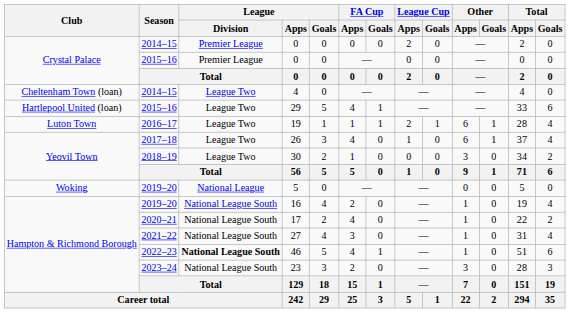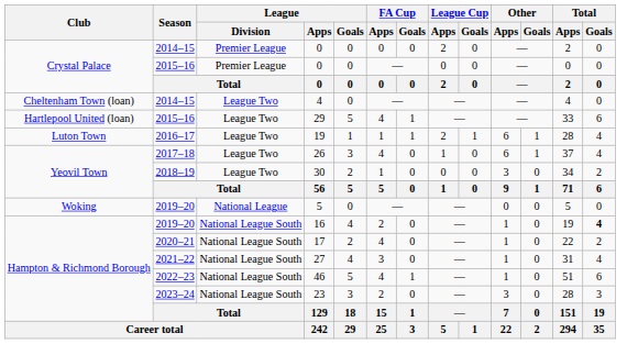 <table class=wikitable style=text-align:center>
 <tr>
 <th rowspan=2>Club</th>
 <th rowspan=2>Season</th>
 <th colspan=3>League</th>
 <th colspan=2><a href='#'>FA Cup</a></th>
 <th colspan=2><a href='#'>League Cup</a></th>
 <th colspan=2>Other</th>
 <th colspan=2>Total</th>
 </tr>
 <tr>
 <th>Division</th>
 <th>Apps</th>
 <th>Goals</th>
 <th>Apps</th>
 <th>Goals</th>
 <th>Apps</th>
 <th>Goals</th>
 <th>Apps</th>
 <th>Goals</th>
 <th>Apps</th>
 <th>Goals</th>
 </tr>
 <tr>
 <td rowspan=3><a href='#'>Crystal Palace</a></td>
 <td><a href='#'>2014–15</a></td>
 <td><a href='#'>Premier League</a></td>
 <td>0</td>
 <td>0</td>
 <td>0</td>
 <td>0</td>
 <td>2</td>
 <td>0</td>
 <td colspan=2>—</td>
 <td>2</td>
 <td>0</td>
 </tr>
 <tr>
 <td><a href='#'>2015–16</a></td>
 <td>Premier League</td>
 <td>0</td>
 <td>0</td>
 <td colspan=2>—</td>
 <td>0</td>
 <td>0</td>
 <td colspan=2>—</td>
 <td>0</td>
 <td>0</td>
 </tr>
 <tr>
 <th colspan=2>Total</th>
 <th>0</th>
 <th>0</th>
 <th>0</th>
 <th>0</th>
 <th>2</th>
 <th>0</th>
 <th colspan=2>—</th>
 <th>2</th>
 <th>0</th>
 </tr>
 <tr>
 <td><a href='#'>Cheltenham Town</a> (loan)</td>
 <td><a href='#'>2014–15</a></td>
 <td><a href='#'>League Two</a></td>
 <td>4</td>
 <td>0</td>
 <td colspan=2>—</td>
 <td colspan=2>—</td>
 <td colspan=2>—</td>
 <td>4</td>
 <td>0</td>
 </tr>
 <tr>
 <td><a href='#'>Hartlepool United</a> (loan)</td>
 <td><a href='#'>2015–16</a></td>
 <td>League Two</td>
 <td>29</td>
 <td>5</td>
 <td>4</td>
 <td>1</td>
 <td colspan=2>—</td>
 <td colspan=2>—</td>
 <td>33</td>
 <td>6</td>
 </tr>
 <tr>
 <td><a href='#'>Luton Town</a></td>
 <td><a href='#'>2016–17</a></td>
 <td>League Two</td>
 <td>19</td>
 <td>1</td>
 <td>1</td>
 <td>1</td>
 <td>2</td>
 <td>1</td>
 <td>6</td>
 <td>1</td>
 <td>28</td>
 <td>4</td>
 </tr>
 <tr>
 <td rowspan=3><a href='#'>Yeovil Town</a></td>
 <td><a href='#'>2017–18</a></td>
 <td>League Two</td>
 <td>26</td>
 <td>3</td>
 <td>4</td>
 <td>0</td>
 <td>1</td>
 <td>0</td>
 <td>6</td>
 <td>1</td>
 <td>37</td>
 <td>4</td>
 </tr>
 <tr>
 <td><a href='#'>2018–19</a></td>
 <td>League Two</td>
 <td>30</td>
 <td>2</td>
 <td>1</td>
 <td>0</td>
 <td>0</td>
 <td>0</td>
 <td>3</td>
 <td>0</td>
 <td>34</td>
 <td>2</td>
 </tr>
 <tr>
 <th colspan=2>Total</th>
 <th>56</th>
 <th>5</th>
 <th>5</th>
 <th>0</th>
 <th>1</th>
 <th>0</th>
 <th>9</th>
 <th>1</th>
 <th>71</th>
 <th>6</th>
 </tr>
 <tr>
 <td><a href='#'>Woking</a></td>
 <td><a href='#'>2019–20</a></td>
 <td><a href='#'>National League</a></td>
 <td>5</td>
 <td>0</td>
 <td colspan=2>—</td>
 <td colspan=2>—</td>
 <td>0</td>
 <td>0</td>
 <td>5</td>
 <td>0</td>
 </tr>
 <tr>
 <td rowspan=6><a href='#'>Hampton & Richmond Borough</a></td>
 <td><a href='#'>2019–20</a></td>
 <td><a href='#'>National League South</a></td>
 <td>16</td>
 <td>4</td>
 <td>2</td>
 <td>0</td>
 <td colspan=2>—</td>
 <td>1</td>
 <td>0</td>
 <td>19</td>
-<td>4</td>
+<td><strong>4</strong></td>
 </tr>
 <tr>
 <td><a href='#'>2020–21</a></td>
 <td>National League South</td>
 <td>17</td>
 <td>2</td>
 <td>4</td>
 <td>0</td>
 <td colspan=2>—</td>
 <td>1</td>
 <td>0</td>
 <td>22</td>
 <td>2</td>
 </tr>
 <tr>
 <td><a href='#'>2021–22</a></td>
 <td>National League South</td>
 <td>27</td>
 <td>4</td>
 <td>3</td>
 <td>0</td>
 <td colspan=2>—</td>
 <td>1</td>
 <td>0</td>
 <td>31</td>
 <td>4</td>
 </tr>
 <tr>
 <td><a href='#'>2022–23</a></td>
-<td><strong>National League South</strong></td>
+<td>National League South</td>
 <td>46</td>
 <td>5</td>
 <td>4</td>
 <td>1</td>
 <td colspan=2>—</td>
 <td>1</td>
 <td>0</td>
 <td>51</td>
 <td>6</td>
 </tr>
 <tr>
 <td><a href='#'>2023–24</a></td>
 <td>National League South</td>
 <td>23</td>
 <td>3</td>
 <td>2</td>
 <td>0</td>
 <td colspan=2>—</td>
 <td>3</td>
 <td>0</td>
 <td>28</td>
 <td>3</td>
 </tr>
 <tr>
 <th colspan=2>Total</th>
 <th>129</th>
 <th>18</th>
 <th>15</th>
 <th>1</th>
 <th colspan=2>—</th>
 <th>7</th>
 <th>0</th>
 <th>151</th>
 <th>19</th>
 </tr>
 <tr>
 <th colspan=3>Career total</th>
 <th>242</th>
 <th>29</th>
 <th>25</th>
 <th>3</th>
 <th>5</th>
 <th>1</th>
 <th>22</th>
 <th>2</th>
 <th>294</th>
 <th>35</th>
 </tr>
 </table>
